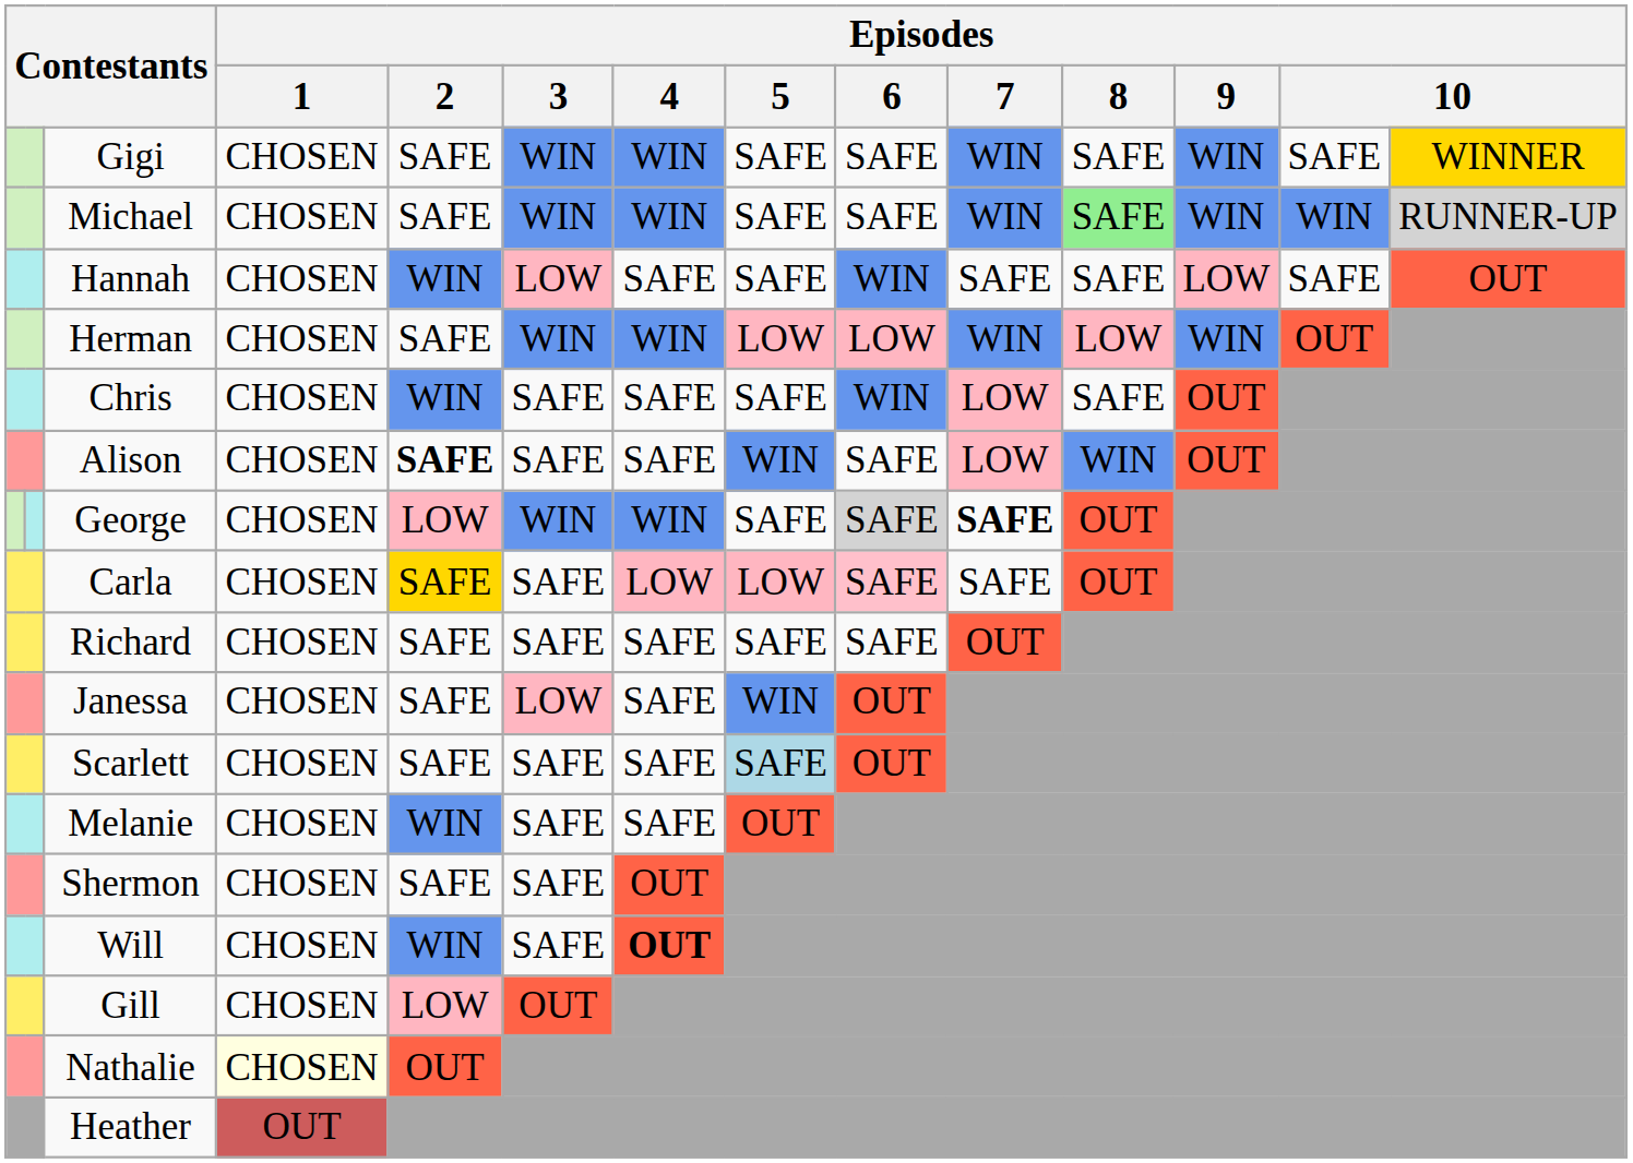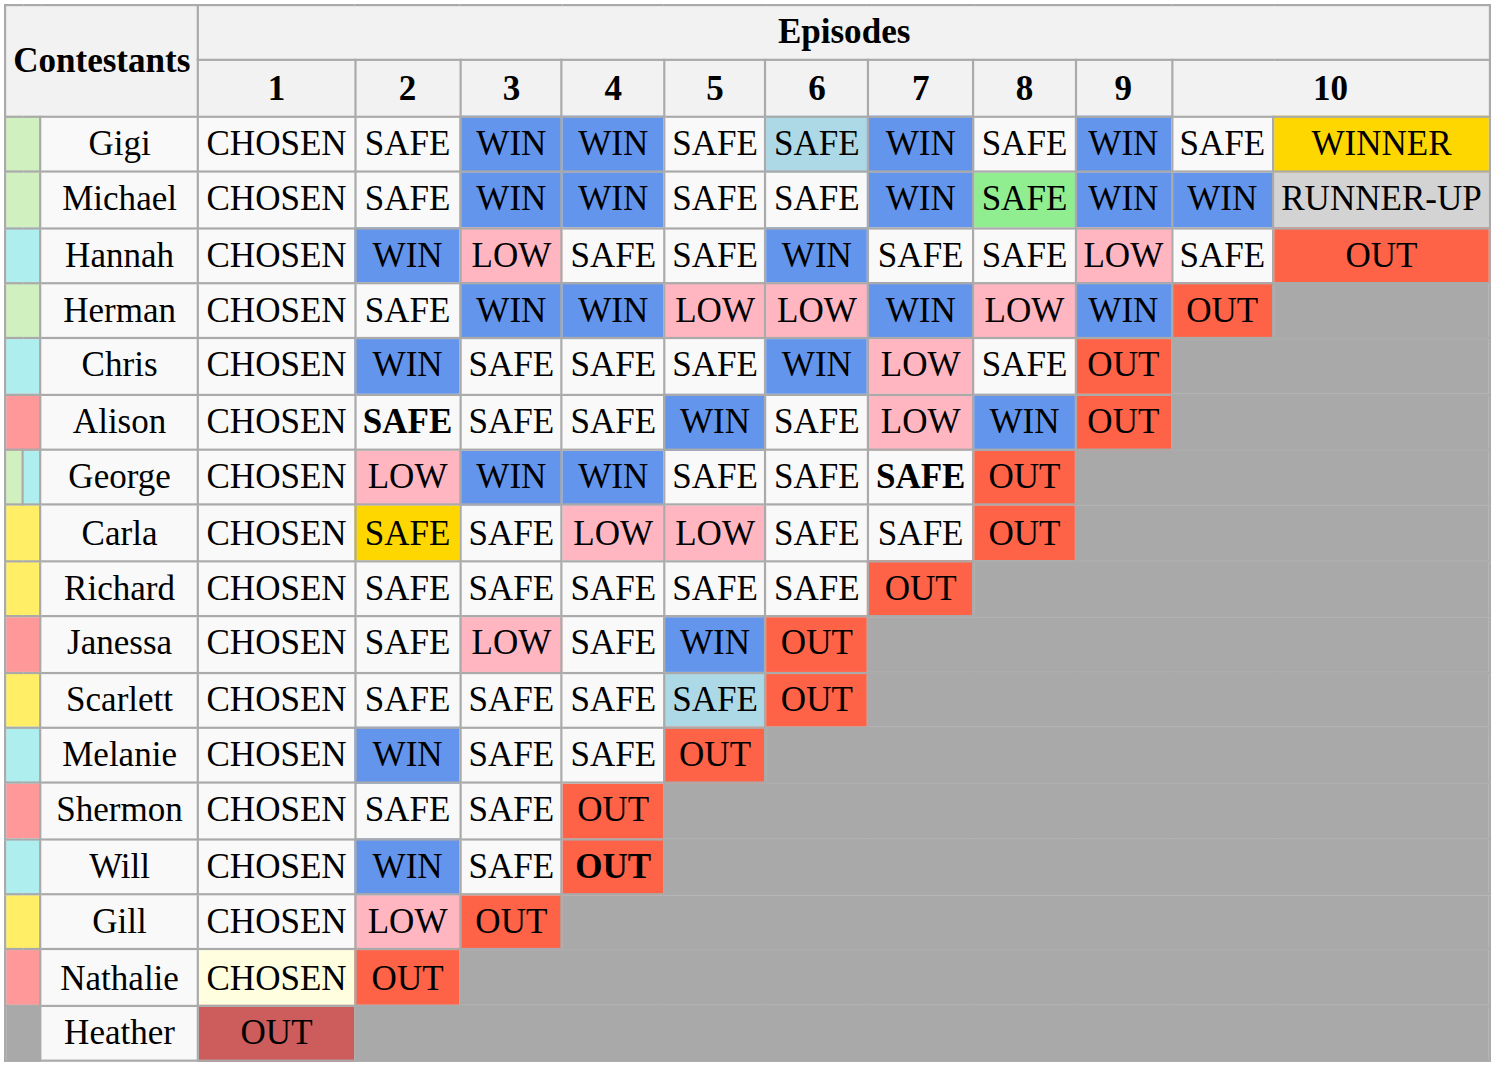 <table class="wikitable" style="text-align:center; font-size:100%">
 <tr>
 <th rowspan="2" colspan="3">Contestants</th>
 <th colspan=11>Episodes</th>
 </tr>
 <tr>
 <th>1</th>
 <th>2</th>
 <th>3</th>
 <th>4</th>
 <th>5</th>
 <th>6</th>
 <th>7</th>
 <th>8</th>
 <th>9</th>
 <th colspan="2">10</th>
 </tr>
 <tr>
 <td colspan="2" bgcolor="#d0f0c0"></td>
 <td>Gigi</td>
 <td>CHOSEN</td>
 <td>SAFE</td>
 <td style="background:cornflowerblue;">WIN</td>
 <td style="background:cornflowerblue;">WIN</td>
 <td>SAFE</td>
-<td>SAFE</td>
+<td style="background: lightblue;">SAFE</td>
 <td style="background:cornflowerblue;">WIN</td>
 <td>SAFE</td>
 <td style="background:cornflowerblue;">WIN</td>
 <td>SAFE</td>
 <td style="background:gold;">WINNER</td>
 </tr>
 <tr>
 <td colspan="2" bgcolor="#d0f0c0"></td>
 <td>Michael</td>
 <td>CHOSEN</td>
 <td>SAFE</td>
 <td style="background:cornflowerblue;">WIN</td>
 <td style="background:cornflowerblue;">WIN</td>
 <td>SAFE</td>
 <td>SAFE</td>
 <td style="background:cornflowerblue;">WIN</td>
 <td style="background: lightgreen;">SAFE</td>
 <td style="background:cornflowerblue;">WIN</td>
 <td style="background:cornflowerblue;">WIN</td>
 <td style="background:lightgray;">RUNNER-UP</td>
 </tr>
 <tr>
 <td colspan="2" bgcolor="#afeeee"></td>
 <td>Hannah</td>
 <td>CHOSEN</td>
 <td style="background:cornflowerblue;">WIN</td>
 <td style="background:lightpink;">LOW</td>
 <td>SAFE</td>
 <td>SAFE</td>
 <td style="background:cornflowerblue;">WIN</td>
 <td>SAFE</td>
 <td>SAFE</td>
 <td style="background:lightpink;">LOW</td>
 <td>SAFE</td>
 <td style="background:tomato"><span>OUT</span></td>
 </tr>
 <tr>
 <td colspan="2" bgcolor="#d0f0c0"></td>
 <td>Herman</td>
 <td>CHOSEN</td>
 <td>SAFE</td>
 <td style="background:cornflowerblue;">WIN</td>
 <td style="background:cornflowerblue;">WIN</td>
 <td style="background:lightpink;">LOW</td>
 <td style="background:lightpink;">LOW</td>
 <td style="background:cornflowerblue;">WIN</td>
 <td style="background:lightpink;">LOW</td>
 <td style="background:cornflowerblue;">WIN</td>
 <td style="background:tomato"><span>OUT</span></td>
 <td style="background:darkgrey;" colspan="10"></td>
 </tr>
 <tr>
 <td colspan="2" bgcolor="#afeeee"></td>
 <td>Chris</td>
 <td>CHOSEN</td>
 <td style="background:cornflowerblue;">WIN</td>
 <td>SAFE</td>
 <td>SAFE</td>
 <td>SAFE</td>
 <td style="background:cornflowerblue;">WIN</td>
 <td style="background:lightpink;">LOW</td>
 <td>SAFE</td>
 <td style="background:tomato"><span>OUT</span></td>
 <td style="background:darkgrey;" colspan="10"></td>
 </tr>
 <tr>
 <td colspan="2" bgcolor="#ff9999"></td>
 <td>Alison</td>
 <td>CHOSEN</td>
 <td><strong>SAFE</strong></td>
 <td>SAFE</td>
 <td>SAFE</td>
 <td style="background:cornflowerblue;">WIN</td>
 <td>SAFE</td>
 <td style="background:lightpink;">LOW</td>
 <td style="background:cornflowerblue;">WIN</td>
 <td style="background:tomato"><span>OUT</span></td>
 <td style="background:darkgrey;" colspan="10"></td>
 </tr>
 <tr>
 <td bgcolor="#d0f0c0"></td>
 <td bgcolor="#afeeee"></td>
 <td>George</td>
 <td>CHOSEN</td>
 <td style="background:lightpink;">LOW</td>
 <td style="background:cornflowerblue;">WIN</td>
 <td style="background:cornflowerblue;">WIN</td>
 <td>SAFE</td>
-<td style="background: lightgrey;">SAFE</td>
+<td>SAFE</td>
 <td><strong>SAFE</strong></td>
 <td style="background:tomato"><span>OUT</span></td>
 <td style="background:darkgrey;" colspan="10"></td>
 </tr>
 <tr>
 <td colspan="2" bgcolor="#ffee66"></td>
 <td>Carla</td>
 <td>CHOSEN</td>
 <td style="background: gold;">SAFE</td>
 <td>SAFE</td>
 <td style="background:lightpink;">LOW</td>
 <td style="background:lightpink;">LOW</td>
-<td style="background: pink;">SAFE</td>
+<td>SAFE</td>
 <td>SAFE</td>
 <td style="background:tomato"><span>OUT</span></td>
 <td style="background:darkgrey;" colspan="10"></td>
 </tr>
 <tr>
 <td colspan="2" bgcolor="#ffee66"></td>
 <td>Richard</td>
 <td>CHOSEN</td>
 <td>SAFE</td>
 <td>SAFE</td>
 <td>SAFE</td>
 <td>SAFE</td>
 <td>SAFE</td>
 <td style="background:tomato"><span>OUT</span></td>
 <td style="background:darkgrey;" colspan="10"></td>
 </tr>
 <tr>
 <td colspan="2" bgcolor="#ff9999"></td>
 <td>Janessa</td>
 <td>CHOSEN</td>
 <td>SAFE</td>
 <td style="background:lightpink;">LOW</td>
 <td>SAFE</td>
 <td style="background:cornflowerblue;">WIN</td>
 <td style="background:tomato"><span>OUT</span></td>
 <td style="background:darkgrey;" colspan="10"></td>
 </tr>
 <tr>
 <td colspan="2" bgcolor="#ffee66"></td>
 <td>Scarlett</td>
 <td>CHOSEN</td>
 <td>SAFE</td>
 <td>SAFE</td>
 <td>SAFE</td>
 <td style="background: lightblue;">SAFE</td>
 <td style="background:tomato"><span>OUT</span></td>
 <td style="background:darkgrey;" colspan="10"></td>
 </tr>
 <tr>
 <td colspan="2" bgcolor="#afeeee"></td>
 <td>Melanie</td>
 <td>CHOSEN</td>
 <td style="background:cornflowerblue;">WIN</td>
 <td>SAFE</td>
 <td>SAFE</td>
 <td style="background:tomato"><span>OUT</span></td>
 <td style="background:darkgrey;" colspan="10"></td>
 </tr>
 <tr>
 <td colspan="2" bgcolor="#ff9999"></td>
 <td>Shermon</td>
 <td>CHOSEN</td>
 <td>SAFE</td>
 <td>SAFE</td>
 <td style="background:tomato"><span>OUT</span></td>
 <td style="background:darkgrey;" colspan="10"></td>
 </tr>
 <tr>
 <td colspan="2" bgcolor="#afeeee"></td>
 <td>Will</td>
 <td>CHOSEN</td>
 <td style="background:cornflowerblue;">WIN</td>
 <td>SAFE</td>
 <td style="background:tomato"><strong><span>OUT</span></strong></td>
 <td style="background:darkgrey;" colspan="10"></td>
 </tr>
 <tr>
 <td colspan="2" bgcolor="#ffee66"></td>
 <td>Gill</td>
 <td>CHOSEN</td>
 <td style="background:lightpink;">LOW</td>
 <td style="background:tomato"><span>OUT</span></td>
 <td style="background:darkgrey;" colspan="10"></td>
 </tr>
 <tr>
 <td colspan="2" bgcolor="#ff9999"></td>
 <td>Nathalie</td>
 <td style="background: lightyellow;">CHOSEN</td>
 <td style="background:tomato"><span>OUT</span></td>
 <td style="background:darkgrey;" colspan="10"></td>
 </tr>
 <tr>
 <td colspan="2" bgcolor="darkgrey"></td>
 <td>Heather</td>
 <td style="background:indianred"><span>OUT</span></td>
 <td style="background:darkgrey;" colspan="10"></td>
 </tr>
 </table>
